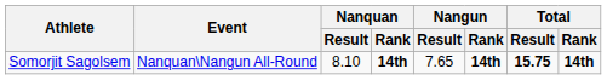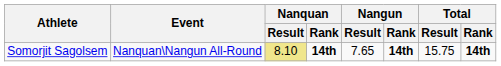 <table class=wikitable style="font-size:90%">
 <tr>
 <th rowspan="2">Athlete</th>
 <th rowspan="2">Event</th>
 <th colspan="2">Nanquan</th>
 <th colspan="2">Nangun</th>
 <th colspan="2">Total</th>
 </tr>
 <tr>
 <th>Result</th>
 <th>Rank</th>
 <th>Result</th>
 <th>Rank</th>
 <th>Result</th>
 <th>Rank</th>
 </tr>
 <tr>
 <td><a href='#'>Somorjit Sagolsem</a></td>
 <td><a href='#'>Nanquan\Nangun All-Round</a></td>
-<td align=center>8.10</td>
+<td align=center style="background: khaki;">8.10</td>
 <td align=center><strong>14th</strong></td>
 <td align=center>7.65</td>
 <td align=center><strong>14th</strong></td>
-<td align=center><strong>15.75</strong></td>
+<td align=center>15.75</td>
 <td align=center><strong>14th</strong></td>
 </tr>
 </table>
